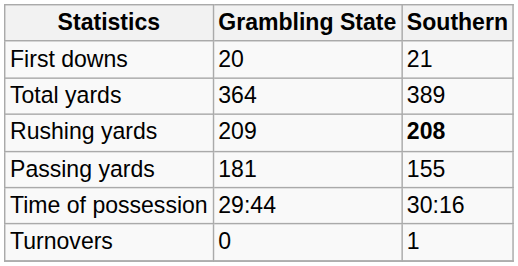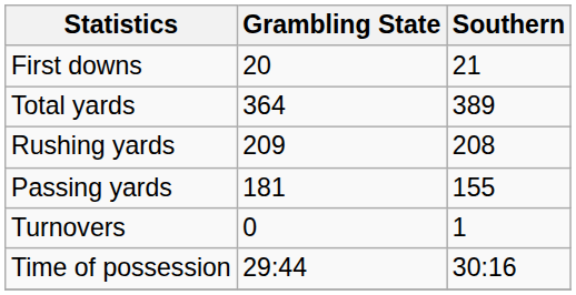 <table class="wikitable">
 <tr>
 <th>Statistics</th>
 <th>Grambling State</th>
 <th>Southern</th>
 </tr>
 <tr>
 <td>First downs</td>
 <td>20</td>
 <td>21</td>
 </tr>
 <tr>
 <td>Total yards</td>
 <td>364</td>
 <td>389</td>
 </tr>
 <tr>
 <td>Rushing yards</td>
 <td>209</td>
-<td><strong>208</strong></td>
+<td>208</td>
 </tr>
 <tr>
 <td>Passing yards</td>
 <td>181</td>
 <td>155</td>
 </tr>
 <tr>
+<td>Turnovers</td>
+<td>0</td>
+<td>1</td>
+</tr>
+<tr>
 <td>Time of possession</td>
 <td>29:44</td>
 <td>30:16</td>
 </tr>
 <tr>
-<td>Turnovers</td>
-<td>0</td>
-<td>1</td>
-</tr>
-<tr>
 </tr>
 </table>
